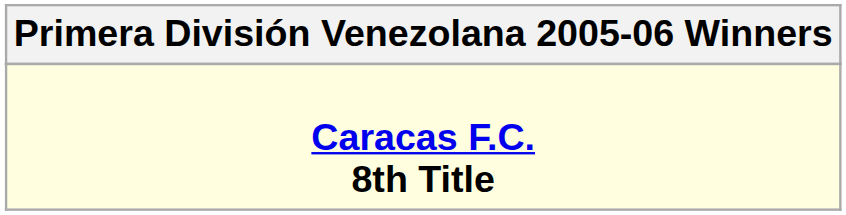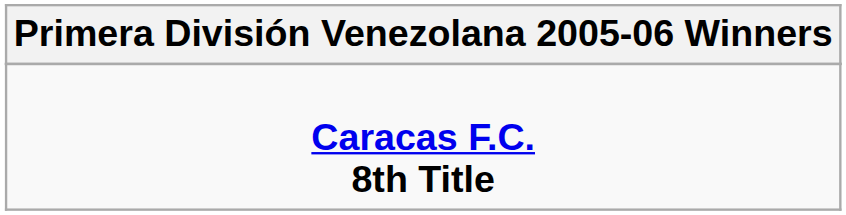 <table class="wikitable" style="text-align: center; margin: 0 auto;">
 <tr>
 <th>Primera División Venezolana 2005-06 Winners</th>
 </tr>
 <tr>
 </tr>
 <tr>
-<td style="background: lightyellow;"><br><strong><a href='#'>Caracas F.C.</a></strong><br><strong>8th Title</strong></td>
+<td><br><strong><a href='#'>Caracas F.C.</a></strong><br><strong>8th Title</strong></td>
 </tr>
 </table>
